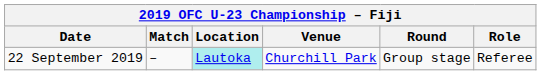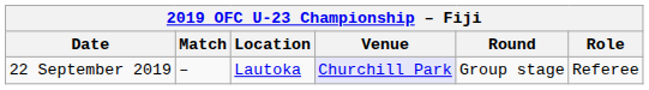 <table class="wikitable">
 <tr>
 <th colspan="6"><a href='#'>2019 OFC U-23 Championship</a> – Fiji</th>
 </tr>
 <tr>
 <th>Date</th>
 <th>Match</th>
 <th>Location</th>
 <th>Venue</th>
 <th>Round</th>
 <th>Role</th>
 </tr>
 <tr>
 <td>22 September 2019</td>
 <td> – </td>
-<td style="background: paleturquoise;"><a href='#'>Lautoka</a></td>
-<td><a href='#'>Churchill Park</a></td>
+<td><a href='#'>Lautoka</a></td>
+<td style="background: lavender;"><a href='#'>Churchill Park</a></td>
 <td>Group stage</td>
 <td>Referee</td>
 </tr>
 </table>
